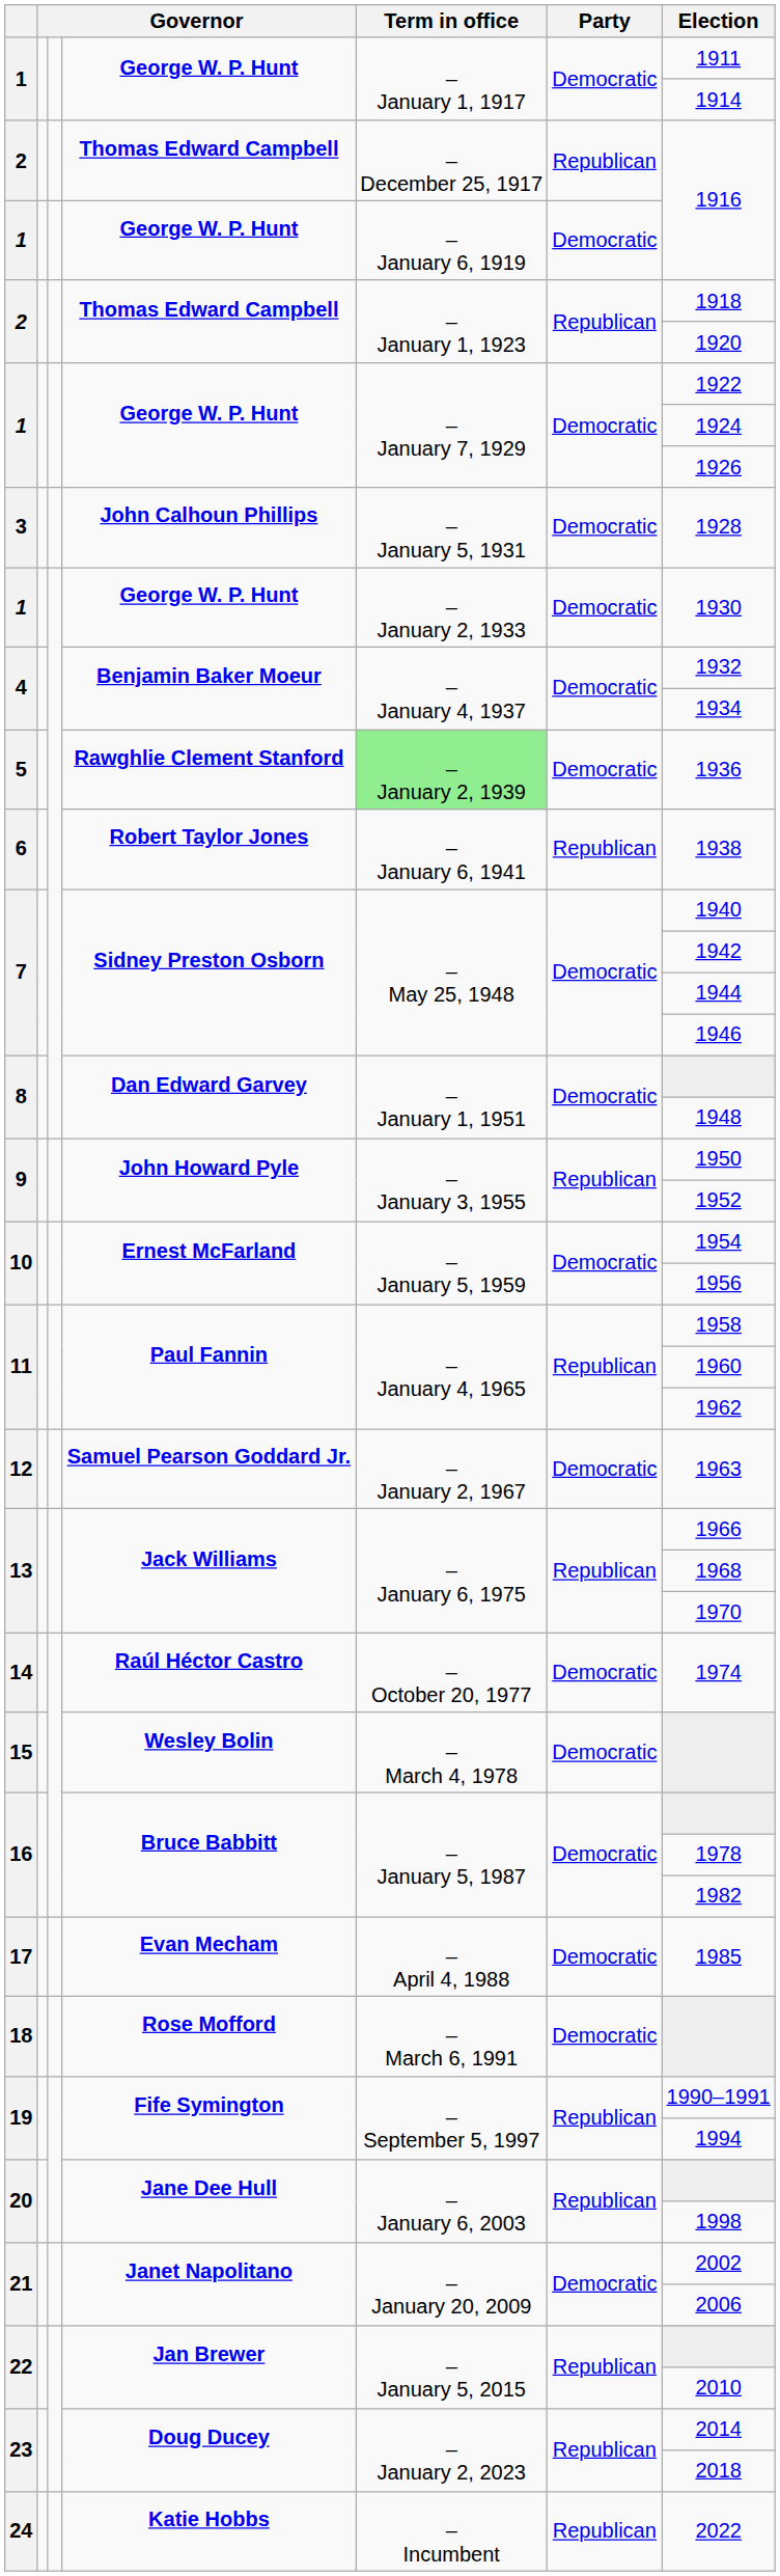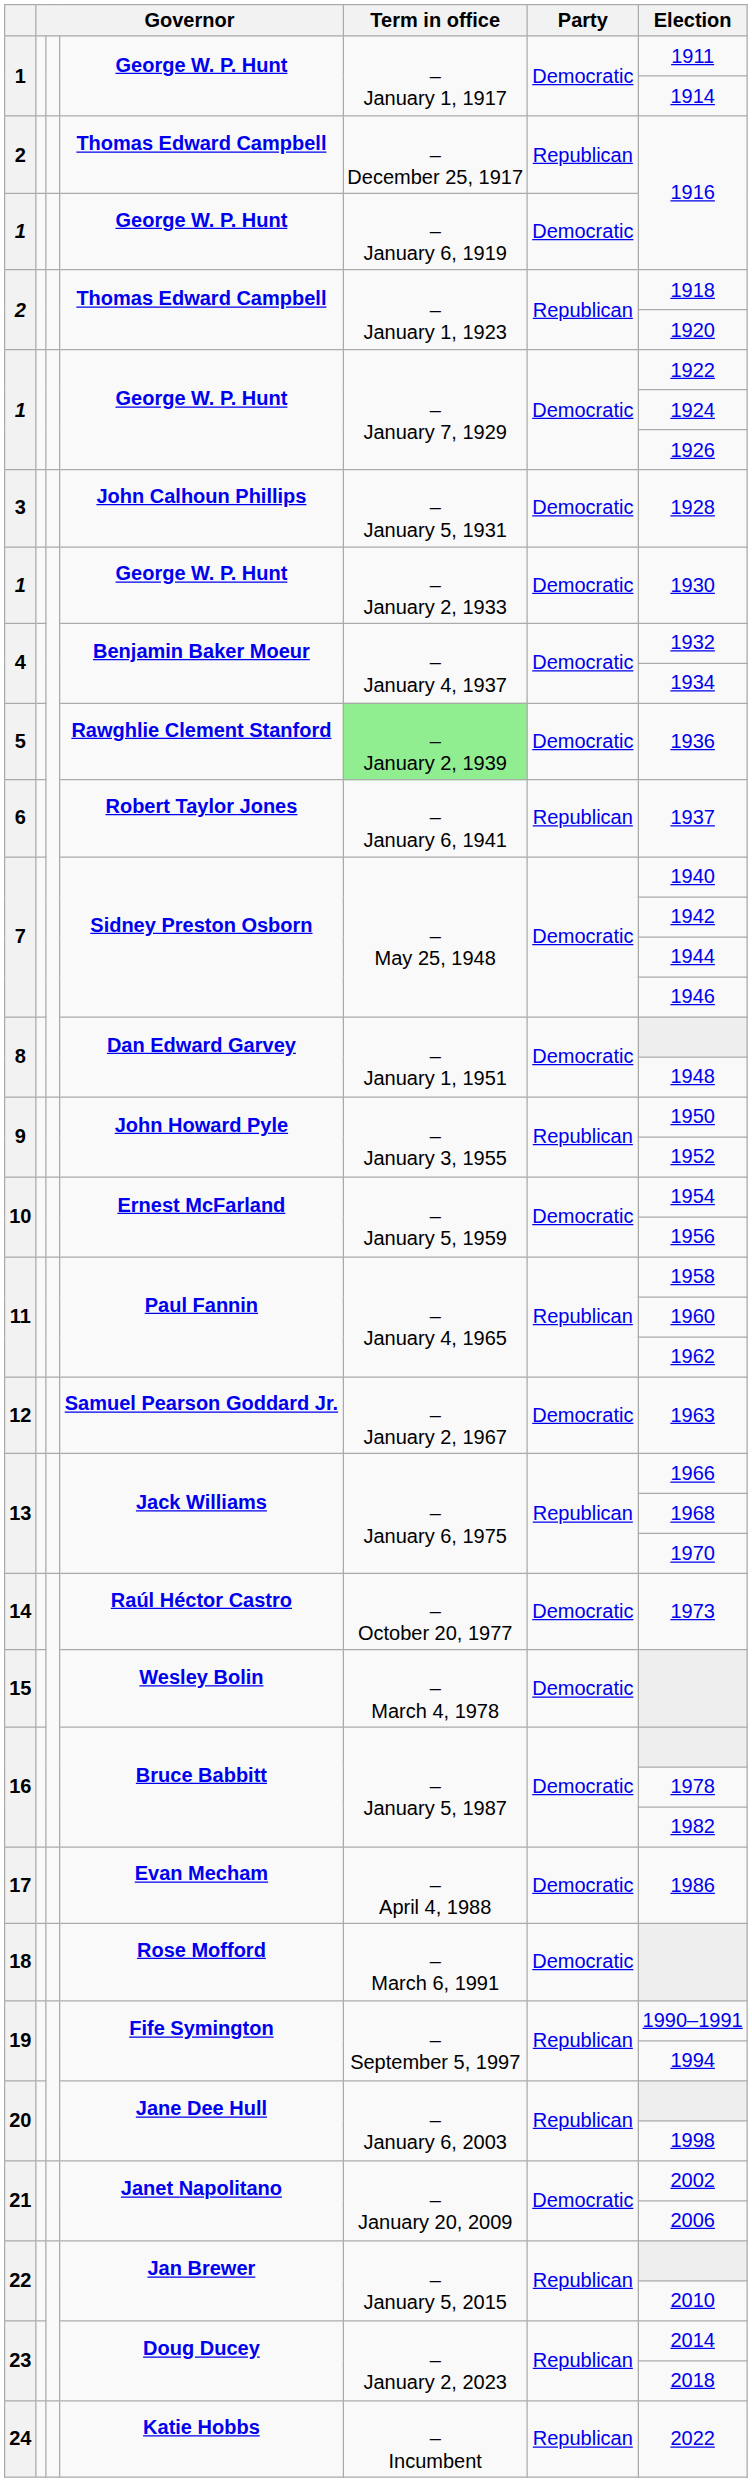 <table class="wikitable sortable mw-collapsible sticky-header-multi" style="text-align:center;">
 <tr>
 <th scope="col" data-sort-type="number"></th>
 <th scope="colgroup" colspan="3">Governor</th>
 <th scope="col">Term in office</th>
 <th scope="col">Party</th>
 <th scope="col">Election</th>
 </tr>
 <tr style="height:2em;">
 <th rowspan="2" scope="rowgroup">1</th>
 <td rowspan="2" data-sort-value="Hunt, George"></td>
 <td rowspan="2" style="background:"> </td>
 <td rowspan="2"><strong><a href='#'>George W. P. Hunt</a></strong><br><br></td>
 <td rowspan="2"><br>–<br>January 1, 1917<br></td>
 <td rowspan="2"><a href='#'>Democratic</a></td>
 <td><a href='#'>1911</a></td>
 </tr>
 <tr style="height:2em;">
 <td><a href='#'>1914</a></td>
 </tr>
 <tr style="height:2em;">
 <th scope="row">2</th>
 <td data-sort-value="Campbell, Thomas"></td>
 <td style="color:inherit;background:"></td>
 <td><strong><a href='#'>Thomas Edward Campbell</a></strong><br><br></td>
 <td><br>–<br>December 25, 1917<br></td>
 <td><a href='#'>Republican</a></td>
 <td rowspan="2"><a href='#'>1916</a></td>
 </tr>
 <tr style="height:2em;">
 <th scope="row"><em>1</em></th>
 <td data-sort-value="Hunt, George"></td>
 <td style="color:inherit;background:"></td>
 <td><strong><a href='#'>George W. P. Hunt</a></strong><br><br></td>
 <td><br>–<br>January 6, 1919<br></td>
 <td><a href='#'>Democratic</a></td>
 </tr>
 <tr style="height:2em;">
 <th rowspan="2" scope="rowgroup"><em>2</em></th>
 <td rowspan="2" data-sort-value="Campbell, Thomas"></td>
 <td rowspan="2" style="color:inherit;background:"></td>
 <td rowspan="2"><strong><a href='#'>Thomas Edward Campbell</a></strong><br><br></td>
 <td rowspan="2"><br>–<br>January 1, 1923<br></td>
 <td rowspan="2"><a href='#'>Republican</a></td>
 <td><a href='#'>1918</a></td>
 </tr>
 <tr style="height:2em;">
 <td><a href='#'>1920</a></td>
 </tr>
 <tr style="height:2em;">
 <th rowspan="3" scope="rowgroup"><em>1</em></th>
 <td rowspan="3" data-sort-value="Hunt, George"></td>
 <td rowspan="3" style="color:inherit;background:"></td>
 <td rowspan="3"><strong><a href='#'>George W. P. Hunt</a></strong><br><br></td>
 <td rowspan="3"><br>–<br>January 7, 1929<br></td>
 <td rowspan="3"><a href='#'>Democratic</a></td>
 <td><a href='#'>1922</a></td>
 </tr>
 <tr style="height:2em;">
 <td><a href='#'>1924</a></td>
 </tr>
 <tr style="height:2em;">
 <td><a href='#'>1926</a></td>
 </tr>
 <tr style="height:2em;">
 <th scope="row">3</th>
 <td data-sort-value="Phillips, John"></td>
 <td style="color:inherit;background:"></td>
 <td><strong><a href='#'>John Calhoun Phillips</a></strong><br><br></td>
 <td><br>–<br>January 5, 1931<br></td>
 <td><a href='#'>Democratic</a></td>
 <td><a href='#'>1928</a></td>
 </tr>
 <tr style="height:2em;">
 <th scope="row"><em>1</em></th>
 <td data-sort-value="Hunt, George"></td>
 <td rowspan="11" style="color:inherit;background:"></td>
 <td><strong><a href='#'>George W. P. Hunt</a></strong><br><br></td>
 <td><br>–<br>January 2, 1933<br></td>
 <td><a href='#'>Democratic</a></td>
 <td><a href='#'>1930</a></td>
 </tr>
 <tr style="height:2em;">
 <th rowspan="2" scope="rowgroup">4</th>
 <td rowspan="2" data-sort-value="Moeur, Benjamin"></td>
 <td rowspan="2"><strong><a href='#'>Benjamin Baker Moeur</a></strong><br><br></td>
 <td rowspan="2"><br>–<br>January 4, 1937<br></td>
 <td rowspan="2"><a href='#'>Democratic</a></td>
 <td><a href='#'>1932</a></td>
 </tr>
 <tr style="height:2em;">
 <td><a href='#'>1934</a></td>
 </tr>
 <tr style="height:2em;">
 <th scope="row">5</th>
 <td data-sort-value="Stanford, Rawghlie"></td>
 <td><strong><a href='#'>Rawghlie Clement Stanford</a></strong><br><br></td>
 <td style="background: lightgreen;"><br>–<br>January 2, 1939<br></td>
 <td><a href='#'>Democratic</a></td>
 <td><a href='#'>1936</a></td>
 </tr>
 <tr style="height:2em;">
 <th scope="row">6</th>
 <td data-sort-value="Jones, Robert"></td>
 <td><strong><a href='#'>Robert Taylor Jones</a></strong><br><br></td>
 <td><br>–<br>January 6, 1941<br></td>
 <td><a href='#'>Republican</a></td>
-<td><a href='#'>1938</a></td>
+<td><a href='#'>1937</a></td>
 </tr>
 <tr style="height:2em;">
 <th rowspan="4" scope="rowgroup">7</th>
 <td rowspan="4" data-sort-value="Osborn, Sidney"></td>
 <td rowspan="4"><strong><a href='#'>Sidney Preston Osborn</a></strong><br><br></td>
 <td rowspan="4"><br>–<br>May 25, 1948<br></td>
 <td rowspan="4"><a href='#'>Democratic</a></td>
 <td><a href='#'>1940</a></td>
 </tr>
 <tr style="height:2em;">
 <td><a href='#'>1942</a></td>
 </tr>
 <tr style="height:2em;">
 <td><a href='#'>1944</a></td>
 </tr>
 <tr style="height:2em;">
 <td><a href='#'>1946</a></td>
 </tr>
 <tr style="height:2em;">
 <th rowspan="2" scope="rowgroup">8</th>
 <td rowspan="2" data-sort-value="Garvey, Dan"></td>
 <td rowspan="2"><strong><a href='#'>Dan Edward Garvey</a></strong><br><br></td>
 <td rowspan="2"><br>–<br>January 1, 1951<br></td>
 <td rowspan="2"><a href='#'>Democratic</a></td>
 <td style="background:#EEEEEE;"></td>
 </tr>
 <tr style="height:2em;">
 <td><a href='#'>1948</a></td>
 </tr>
 <tr style="height:2em;">
 <th rowspan="2" scope="rowgroup">9</th>
 <td rowspan="2" data-sort-value="Pyle, John"></td>
 <td rowspan="2" style="color:inherit;background:"></td>
 <td rowspan="2"><strong><a href='#'>John Howard Pyle</a></strong><br><br></td>
 <td rowspan="2"><br>–<br>January 3, 1955<br></td>
 <td rowspan="2"><a href='#'>Republican</a></td>
 <td><a href='#'>1950</a></td>
 </tr>
 <tr style="height:2em;">
 <td><a href='#'>1952</a></td>
 </tr>
 <tr style="height:2em;">
 <th rowspan="2" scope="rowgroup">10</th>
 <td rowspan="2" data-sort-value="McFarland, Ernest"></td>
 <td rowspan="2" style="color:inherit;background:"></td>
 <td rowspan="2"><strong><a href='#'>Ernest McFarland</a></strong><br><br></td>
 <td rowspan="2"><br>–<br>January 5, 1959<br></td>
 <td rowspan="2"><a href='#'>Democratic</a></td>
 <td><a href='#'>1954</a></td>
 </tr>
 <tr style="height:2em;">
 <td><a href='#'>1956</a></td>
 </tr>
 <tr style="height:2em;">
 <th rowspan="3" scope="rowgroup">11</th>
 <td rowspan="3" data-sort-value="Fannin, Paul"></td>
 <td rowspan="3" style="color:inherit;background:"></td>
 <td rowspan="3"><strong><a href='#'>Paul Fannin</a></strong><br><br></td>
 <td rowspan="3"><br>–<br>January 4, 1965<br></td>
 <td rowspan="3"><a href='#'>Republican</a></td>
 <td><a href='#'>1958</a></td>
 </tr>
 <tr style="height:2em;">
 <td><a href='#'>1960</a></td>
 </tr>
 <tr style="height:2em;">
 <td><a href='#'>1962</a></td>
 </tr>
 <tr style="height:2em;">
 <th scope="row">12</th>
 <td data-sort-value="Goddard, Samuel"></td>
 <td style="color:inherit;background:"></td>
 <td><strong><a href='#'>Samuel Pearson Goddard Jr.</a></strong><br><br></td>
 <td><br>–<br>January 2, 1967<br></td>
 <td><a href='#'>Democratic</a></td>
 <td><a href='#'>1963</a></td>
 </tr>
 <tr style="height:2em;">
 <th rowspan="3" scope="rowgroup">13</th>
 <td rowspan="3" data-sort-value="Williams, Jack"></td>
 <td rowspan="3" style="color:inherit;background:"></td>
 <td rowspan="3"><strong><a href='#'>Jack Williams</a></strong><br><br></td>
 <td rowspan="3"><br>–<br>January 6, 1975<br></td>
 <td rowspan="3"><a href='#'>Republican</a></td>
 <td><a href='#'>1966</a></td>
 </tr>
 <tr style="height:2em;">
 <td><a href='#'>1968</a></td>
 </tr>
 <tr style="height:2em;">
 <td><a href='#'>1970</a></td>
 </tr>
 <tr style="height:2em;">
 <th scope="row">14</th>
 <td data-sort-value="Castro, Raúl"></td>
 <td rowspan="5" style="color:inherit;background:"></td>
 <td><strong><a href='#'>Raúl Héctor Castro</a></strong><br><br></td>
 <td><br>–<br>October 20, 1977<br></td>
 <td><a href='#'>Democratic</a></td>
-<td><a href='#'>1974</a></td>
+<td><a href='#'>1973</a></td>
 </tr>
 <tr style="height:2em;">
 <th scope="row">15</th>
 <td data-sort-value="Bolin, Wesley"></td>
 <td><strong><a href='#'>Wesley Bolin</a></strong><br><br></td>
 <td><br>–<br>March 4, 1978<br></td>
 <td><a href='#'>Democratic</a></td>
 <td style="background:#EEEEEE;"></td>
 </tr>
 <tr style="height:2em;">
 <th rowspan="3" scope="rowgroup">16</th>
 <td rowspan="3" data-sort-value="Babbitt, Bruce"></td>
 <td rowspan="3"><strong><a href='#'>Bruce Babbitt</a></strong><br><br></td>
 <td rowspan="3"><br>–<br>January 5, 1987<br></td>
 <td rowspan="3"><a href='#'>Democratic</a></td>
 <td style="background:#EEEEEE;"></td>
 </tr>
 <tr style="height:2em;">
 <td><a href='#'>1978</a></td>
 </tr>
 <tr style="height:2em;">
 <td><a href='#'>1982</a></td>
 </tr>
 <tr style="height:2em;">
 <th scope="row">17</th>
 <td data-sort-value="Mecham, Evan"></td>
 <td style="color:inherit;background:"></td>
 <td><strong><a href='#'>Evan Mecham</a></strong><br><br></td>
 <td><br>–<br>April 4, 1988<br></td>
 <td><a href='#'>Democratic</a></td>
-<td><a href='#'>1985</a></td>
+<td><a href='#'>1986</a></td>
 </tr>
 <tr style="height:2em;">
 <th scope="row">18</th>
 <td data-sort-value="Mofford, Rose"></td>
 <td style="color:inherit;background:"></td>
 <td><strong><a href='#'>Rose Mofford</a></strong><br><br></td>
 <td><br>–<br>March 6, 1991<br></td>
 <td><a href='#'>Democratic</a></td>
 <td style="background:#EEEEEE;"></td>
 </tr>
 <tr style="height:2em;">
 <th rowspan="2" scope="rowgroup">19</th>
 <td rowspan="2" data-sort-value="Symington, Fife"></td>
 <td rowspan="4" style="color:inherit;background:"></td>
 <td rowspan="2"><strong><a href='#'>Fife Symington</a></strong><br><br></td>
 <td rowspan="2"><br>–<br>September 5, 1997<br></td>
 <td rowspan="2"><a href='#'>Republican</a></td>
 <td><a href='#'>1990–1991</a></td>
 </tr>
 <tr style="height:2em;">
 <td><a href='#'>1994</a></td>
 </tr>
 <tr style="height:2em;">
 <th rowspan="2" scope="rowgroup">20</th>
 <td rowspan="2" data-sort-value="Hull, Jane"></td>
 <td rowspan="2"><strong><a href='#'>Jane Dee Hull</a></strong><br><br></td>
 <td rowspan="2"><br>–<br>January 6, 2003<br></td>
 <td rowspan="2"><a href='#'>Republican</a></td>
 <td style="background:#EEEEEE;"></td>
 </tr>
 <tr style="height:2em;">
 <td><a href='#'>1998</a></td>
 </tr>
 <tr style="height:2em;">
 <th rowspan="2" scope="rowgroup">21</th>
 <td rowspan="2" data-sort-value="Napolitano, Janet"></td>
 <td rowspan="2" style="color:inherit;background:"></td>
 <td rowspan="2"><strong><a href='#'>Janet Napolitano</a></strong><br><br></td>
 <td rowspan="2"><br>–<br>January 20, 2009<br></td>
 <td rowspan="2"><a href='#'>Democratic</a></td>
 <td><a href='#'>2002</a></td>
 </tr>
 <tr style="height:2em;">
 <td><a href='#'>2006</a></td>
 </tr>
 <tr style="height:2em;">
 <th rowspan="2" scope="rowgroup">22</th>
 <td rowspan="2" data-sort-value="Brewer, Jan"></td>
 <td rowspan="4" style="color:inherit;background:"></td>
 <td rowspan="2"><strong><a href='#'>Jan Brewer</a></strong><br><br></td>
 <td rowspan="2"><br>–<br>January 5, 2015<br></td>
 <td rowspan="2"><a href='#'>Republican</a></td>
 <td style="background:#EEEEEE;"></td>
 </tr>
 <tr style="height:2em;">
 <td><a href='#'>2010</a></td>
 </tr>
 <tr style="height:2em;">
 <th rowspan="2" scope="rowgroup">23</th>
 <td rowspan="2" data-sort-value="Ducey, Doug"></td>
 <td rowspan="2"><strong><a href='#'>Doug Ducey</a></strong><br><br></td>
 <td rowspan="2"><br>–<br>January 2, 2023<br></td>
 <td rowspan="2"><a href='#'>Republican</a></td>
 <td><a href='#'>2014</a></td>
 </tr>
 <tr style="height:2em;">
 <td><a href='#'>2018</a></td>
 </tr>
 <tr style="height:2em;">
 <th scope="row">24</th>
 <td data-sort-value="Hobbs, Katie"></td>
 <td style="color:inherit;background:"></td>
 <td><strong><a href='#'>Katie Hobbs</a></strong><br><br></td>
 <td><br>–<br>Incumbent</td>
 <td><a href='#'>Republican</a></td>
 <td><a href='#'>2022</a></td>
 </tr>
 </table>
